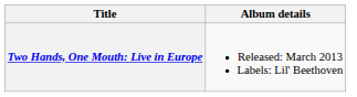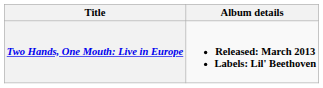 <table class="wikitable plainrowheaders" style=text-align:center;>
 <tr>
 <th scope="col">Title</th>
 <th scope="col">Album details</th>
 </tr>
 <tr>
 <th scope="row"><em><a href='#'>Two Hands, One Mouth: Live in Europe</a></em></th>
-<td><br><ul><li>Released: March 2013</li><li>Labels: Lil' Beethoven</li></ul></td>
+<td><strong><br><ul><li>Released: March 2013</li><li>Labels: Lil' Beethoven</li></ul></strong></td>
 </tr>
 </table>
